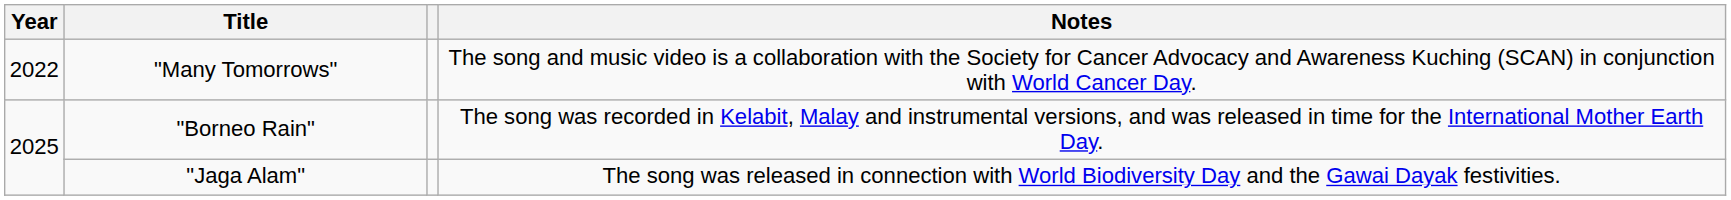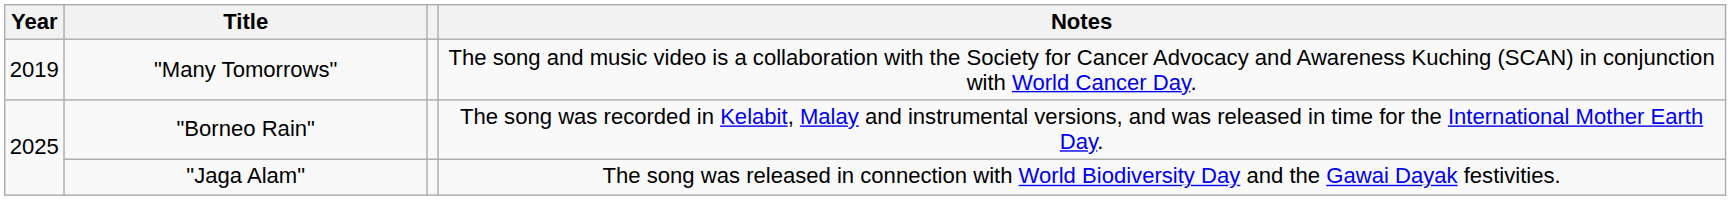 <table class="wikitable plainrowheaders" style="text-align:center;">
 <tr>
 <th rowspan="1">Year</th>
 <th rowspan="1" style="width:16em;">Title</th>
 <th rowspan="1"></th>
 <th rowspan="1">Notes</th>
 </tr>
 <tr>
-<td>2022</td>
+<td>2019</td>
 <td>"Many Tomorrows"</td>
 <td></td>
 <td>The song and music video is a collaboration with the Society for Cancer Advocacy and Awareness Kuching (SCAN) in conjunction with <a href='#'>World Cancer Day</a>.</td>
 </tr>
 <tr>
 <td rowspan=2>2025</td>
 <td>"Borneo Rain"</td>
 <td></td>
 <td>The song was recorded in <a href='#'>Kelabit</a>, <a href='#'>Malay</a> and instrumental versions, and  was released in time for the <a href='#'>International Mother Earth Day</a>.</td>
 </tr>
 <tr>
 <td>"Jaga Alam"</td>
 <td></td>
 <td>The song was released in connection with <a href='#'>World Biodiversity Day</a> and the <a href='#'>Gawai Dayak</a> festivities.</td>
 </tr>
 </table>
